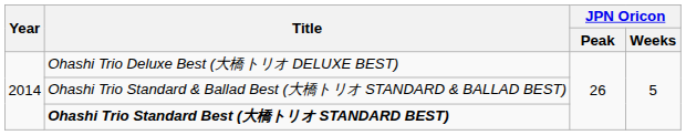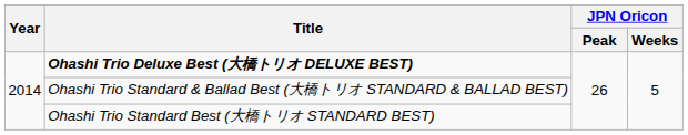 <table class="wikitable">
 <tr>
 <th rowspan="2" style="width:33px;">Year</th>
 <th rowspan="2">Title</th>
 <th colspan="2" style="width:106px;"><a href='#'>JPN Oricon</a></th>
 </tr>
 <tr>
 <th style="width:53px;">Peak</th>
 <th style="width:53px;">Weeks</th>
 </tr>
 <tr>
 <td rowspan="3" style="text-align:center;">2014</td>
-<td><em>Ohashi Trio Deluxe Best (大橋トリオ DELUXE BEST)</em></td>
+<td><strong><em>Ohashi Trio Deluxe Best (大橋トリオ DELUXE BEST)</em></strong></td>
 <td rowspan="3" style="text-align:center;">26</td>
 <td rowspan="3" style="text-align:center;">5</td>
 </tr>
 <tr>
 <td><em>Ohashi Trio Standard & Ballad Best (大橋トリオ STANDARD & BALLAD BEST)</em></td>
 </tr>
 <tr>
-<td><strong><em>Ohashi Trio Standard Best (大橋トリオ STANDARD BEST)</em></strong></td>
+<td><em>Ohashi Trio Standard Best (大橋トリオ STANDARD BEST)</em></td>
 </tr>
 </table>
